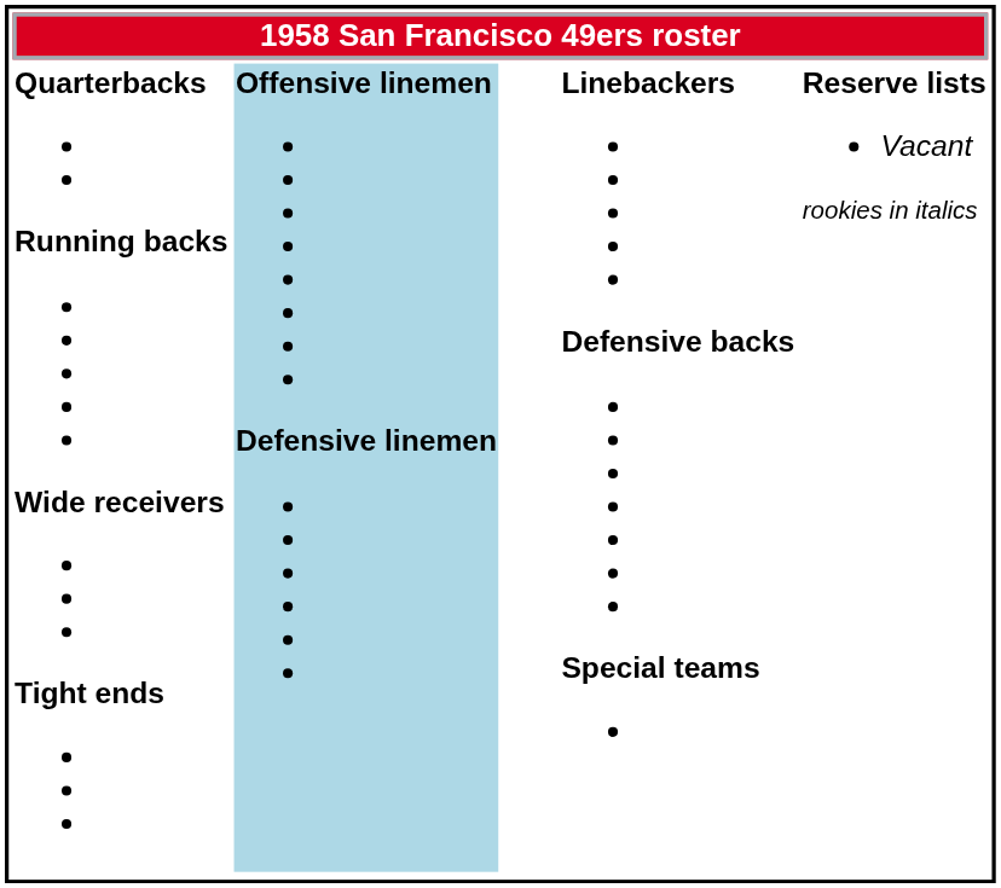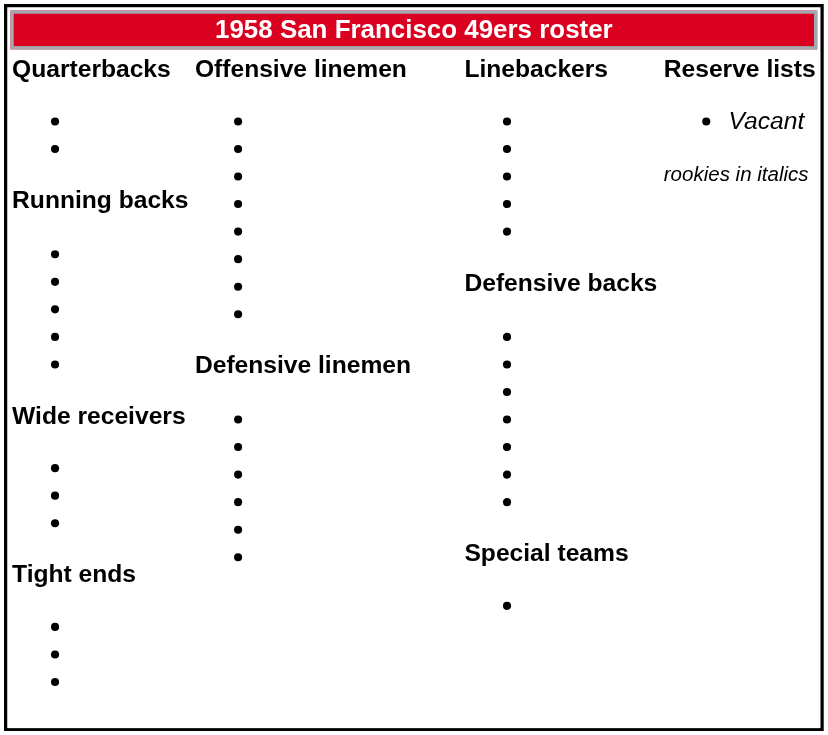 <table class="toccolours" style="text-align: left; border:2px solid black;">
 <tr>
 <th colspan="7" style="text-align:center; border:2px solid #A2A9B1; background-color: #DA0020; color: white;">1958 San Francisco 49ers roster</th>
 </tr>
 <tr>
 <td style="font-size: 95%;" valign="top"><strong>Quarterbacks</strong><br><ul><li></li><li></li></ul><strong>Running backs</strong><ul><li></li><li></li><li></li><li></li><li></li></ul><strong>Wide receivers</strong><ul><li></li><li></li><li></li></ul><strong>Tight ends</strong><ul><li></li><li></li><li></li></ul></td>
-<td style="background: lightblue; font-size: 95%;" valign="top"><strong>Offensive linemen</strong><br><ul><li></li><li></li><li></li><li></li><li></li><li></li><li></li><li></li></ul><strong>Defensive linemen</strong><ul><li></li><li></li><li></li><li></li><li></li><li></li></ul></td>
+<td style="font-size: 95%;" valign="top"><strong>Offensive linemen</strong><br><ul><li></li><li></li><li></li><li></li><li></li><li></li><li></li><li></li></ul><strong>Defensive linemen</strong><ul><li></li><li></li><li></li><li></li><li></li><li></li></ul></td>
 <td style="width: 25px;"></td>
 <td style="font-size: 95%;" valign="top"><strong>Linebackers</strong><br><ul><li></li><li></li><li></li><li></li><li></li></ul><strong>Defensive backs</strong><ul><li></li><li></li><li></li><li></li><li></li><li></li><li></li></ul><strong>Special teams</strong><ul><li></li></ul></td>
 <td style="font-size: 95%;" valign="top"><strong>Reserve lists</strong><br><ul><li><em>Vacant</em></li></ul><small><em>rookies in italics</em></small></td>
 </tr>
 <tr>
 </tr>
 </table>
